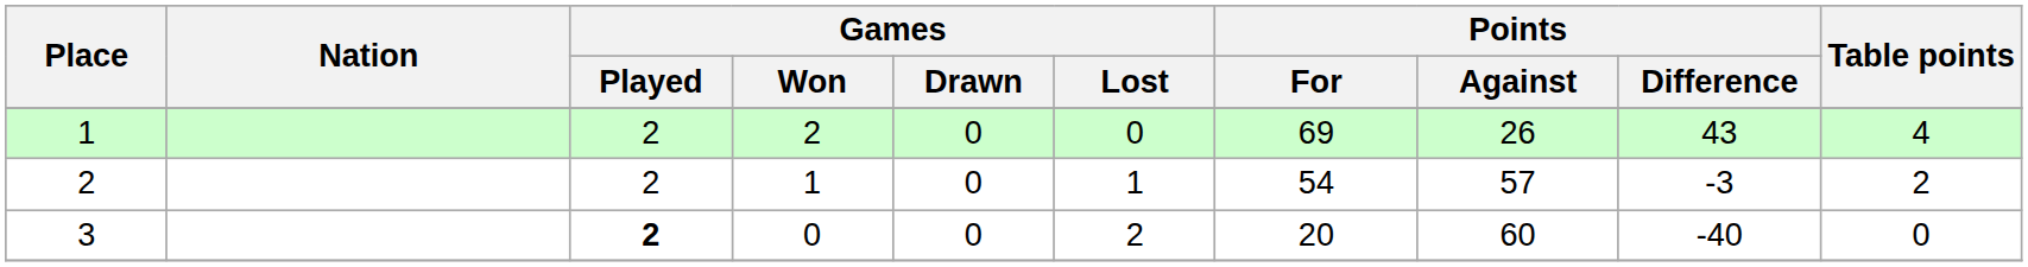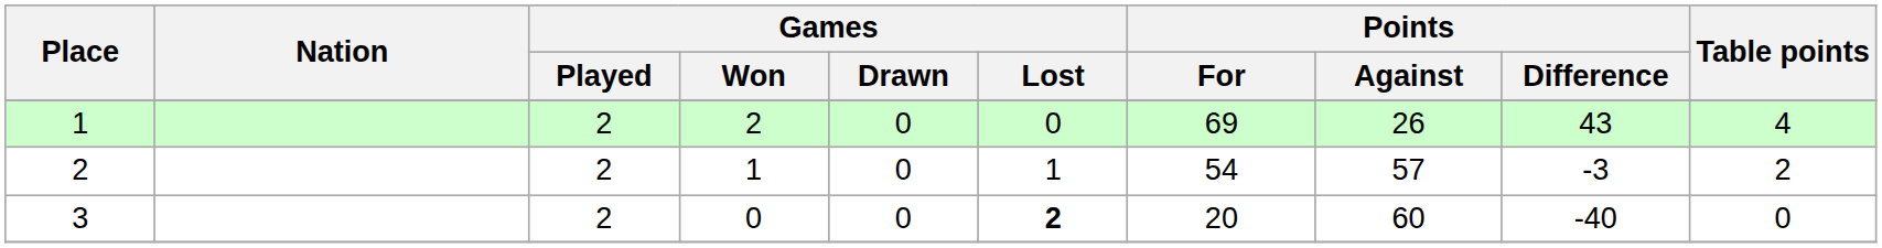 <table class="wikitable">
 <tr>
 <th rowspan="2" width="8%">Place</th>
 <th rowspan="2" width="20%">Nation</th>
 <th colspan="4" width="32%">Games</th>
 <th colspan="3" width="30%">Points</th>
 <th rowspan="2" width="10%">Table points</th>
 </tr>
 <tr>
 <th width="8%">Played</th>
 <th width="8%">Won</th>
 <th width="8%">Drawn</th>
 <th width="8%">Lost</th>
 <th width="10%">For</th>
 <th width="10%">Against</th>
 <th width="10%">Difference</th>
 </tr>
 <tr>
 </tr>
 <tr align="center" bgcolor="#ccffcc">
 <td>1</td>
 <td align="left"><strong></strong></td>
 <td>2</td>
 <td>2</td>
 <td>0</td>
 <td>0</td>
 <td>69</td>
 <td>26</td>
 <td>43</td>
 <td>4</td>
 </tr>
 <tr align="center" bgcolor="#ffffff">
 <td>2</td>
 <td align="left"></td>
 <td>2</td>
 <td>1</td>
 <td>0</td>
 <td>1</td>
 <td>54</td>
 <td>57</td>
 <td>-3</td>
 <td>2</td>
 </tr>
 <tr align="center" bgcolor="#ffffff">
 <td>3</td>
 <td align="left"></td>
-<td><strong>2</strong></td>
+<td>2</td>
 <td>0</td>
 <td>0</td>
-<td>2</td>
+<td><strong>2</strong></td>
 <td>20</td>
 <td>60</td>
 <td>-40</td>
 <td>0</td>
 </tr>
 <tr align="center" bgcolor="#ffffff">
 </tr>
 </table>
